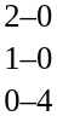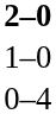 <table cellspacing=1 width=70%>
 <tr>
 <th width=25%></th>
 <th width=30%></th>
 <th width=15%></th>
 <th width=30%></th>
 </tr>
 <tr>
 <td></td>
 <td align=right></td>
-<td align=center>2–0</td>
+<td align=center><strong>2–0</strong></td>
 <td></td>
 </tr>
 <tr>
 <td></td>
 <td align=right></td>
 <td align=center>1–0</td>
 <td></td>
 </tr>
 <tr>
 <td></td>
 <td align=right></td>
 <td align=center>0–4</td>
 <td></td>
 </tr>
 </table>
